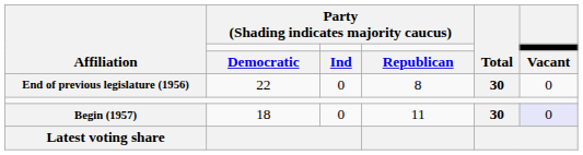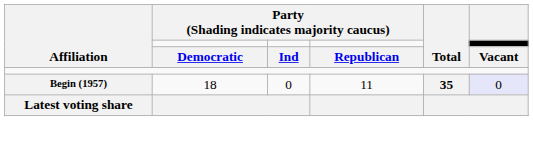 <table class=wikitable style="text-align:center; width:50%">
 <tr style="vertical-align:bottom;">
 <th rowspan=3>Affiliation</th>
 <th colspan=3>Party <div>(Shading indicates majority caucus)</div></th>
 <th rowspan=3>Total</th>
 <th></th>
 </tr>
 <tr style="height:5px">
 <td style="background-color:"></td>
 <td style="background-color:"></td>
 <td style="background-color:"></td>
 <td style="background-color:black"></td>
 </tr>
 <tr>
 <th><a href='#'>Democratic</a></th>
 <th><a href='#'>Ind</a></th>
 <th><a href='#'>Republican</a></th>
 <th>Vacant</th>
 </tr>
 <tr>
-<th nowrap style="font-size:80%">End of previous legislature (1956)</th>
-<td>22</td>
-<td>0</td>
-<td>8</td>
-<th>30</th>
-<td>0</td>
-</tr>
-<tr>
 <td colspan=6></td>
 </tr>
 <tr>
 <th nowrap style="font-size:80%">Begin (1957)</th>
 <td>18</td>
 <td>0</td>
 <td>11</td>
-<th>30</th>
+<th>35</th>
 <td style="background: lavender;">0</td>
 </tr>
 <tr>
 <th>Latest voting share</th>
 <th colspan=2 ></th>
 <th></th>
 <th colspan=2></th>
 </tr>
 </table>
